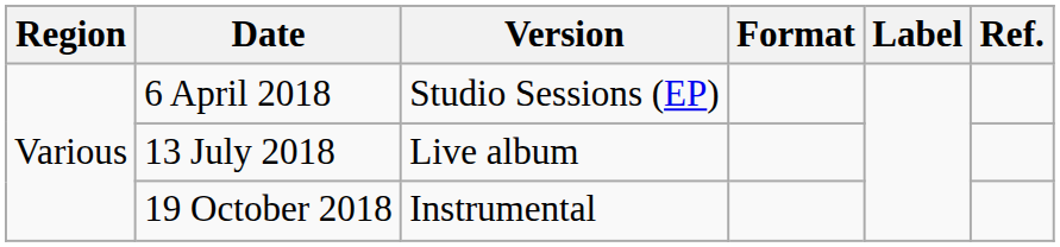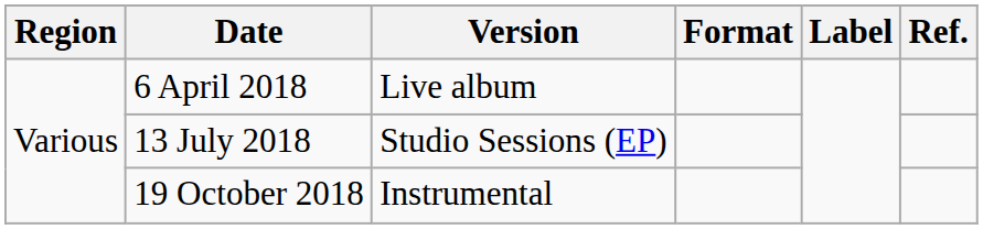 <table class="wikitable plainrowheaders">
 <tr>
 <th scope="col">Region</th>
 <th scope="col">Date</th>
 <th scope="col">Version</th>
 <th scope="col">Format</th>
 <th scope="col">Label</th>
 <th scope="col">Ref.</th>
 </tr>
 <tr>
 <td rowspan="3">Various</td>
 <td>6 April 2018</td>
-<td>Studio Sessions (<a href='#'>EP</a>)</td>
+<td>Live album</td>
 <td></td>
 <td rowspan="3"></td>
 <td></td>
 </tr>
 <tr>
 <td>13 July 2018</td>
-<td>Live album</td>
+<td>Studio Sessions (<a href='#'>EP</a>)</td>
 <td></td>
 <td></td>
 </tr>
 <tr>
 <td>19 October 2018</td>
 <td>Instrumental</td>
 <td></td>
 <td></td>
 </tr>
 </table>
